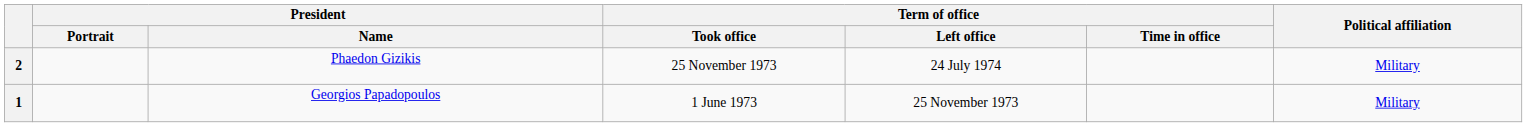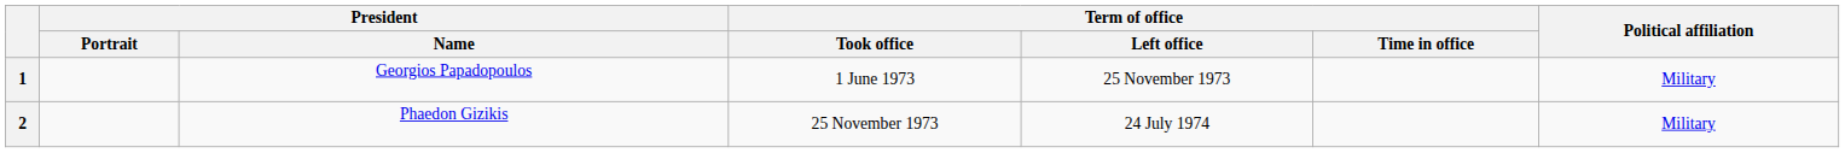 <table class="wikitable" style="text-align:center; width:90%">
 <tr>
 <th rowspan="2"></th>
 <th colspan="2">President</th>
 <th colspan="3">Term of office</th>
 <th rowspan="2">Political affiliation</th>
 </tr>
 <tr>
 <th>Portrait</th>
 <th style="width:30%;">Name<br></th>
 <th>Took office</th>
 <th>Left office</th>
 <th>Time in office</th>
 </tr>
 <tr>
+<th style="background:">1</th>
+<td></td>
+<td> <a href='#'>Georgios Papadopoulos</a><br><br></td>
+<td>1 June 1973</td>
+<td>25 November 1973<br></td>
+<td></td>
+<td><a href='#'>Military</a></td>
+</tr>
+<tr>
 <th style="background:">2</th>
 <td></td>
 <td> <a href='#'>Phaedon Gizikis</a><br><br></td>
 <td>25 November 1973</td>
 <td>24 July 1974</td>
 <td></td>
 <td><a href='#'>Military</a></td>
 </tr>
-<tr>
-<th style="background:">1</th>
-<td></td>
-<td> <a href='#'>Georgios Papadopoulos</a><br><br></td>
-<td>1 June 1973</td>
-<td>25 November 1973<br></td>
-<td></td>
-<td><a href='#'>Military</a></td>
-</tr>
 </table>
